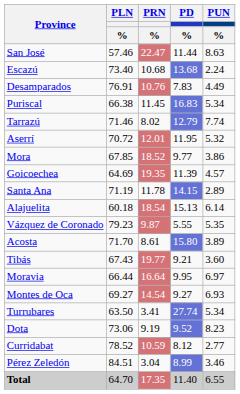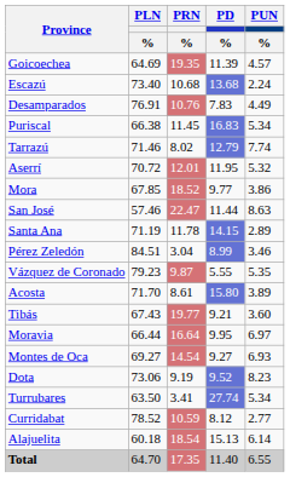 <table class="wikitable mw-collapsible mw-collapsed">
 <tr>
 <th rowspan="3"><a href='#'>Province</a></th>
 <th colspan="1" width="40px"><a href='#'>PLN</a></th>
 <th colspan="1" width="40px"><a href='#'>PRN</a></th>
 <th colspan="1" width="40px"><a href='#'>PD</a></th>
 <th colspan="1" width="40px"><a href='#'>PUN</a></th>
 </tr>
 <tr>
 <th colspan="1" style="background:"></th>
 <th colspan="1" style="background:"></th>
 <th colspan="1" style="background:#2136C2"></th>
 <th colspan="1" style="background:#013d82"></th>
 </tr>
 <tr>
 <th data-sort-type="number">%</th>
 <th data-sort-type="number">%</th>
 <th data-sort-type="number">%</th>
 <th data-sort-type="number">%</th>
 </tr>
 <tr>
-<td align="left"><a href='#'>San José</a></td>
-<td style="background:">57.46</td>
-<td style="background:#d57276; color:white;">22.47</td>
-<td>11.44</td>
-<td>8.63</td>
+<td align="left"><a href='#'>Goicoechea</a></td>
+<td style="background:">64.69</td>
+<td style="background:#d57276; color:white;">19.35</td>
+<td>11.39</td>
+<td>4.57</td>
 </tr>
 <tr>
 <td align="left"><a href='#'>Escazú</a></td>
 <td style="background:">73.40</td>
 <td>10.68</td>
 <td style="background:#6372d4; color:white;">13.68</td>
 <td>2.24</td>
 </tr>
 <tr>
 <td align="left"><a href='#'>Desamparados</a></td>
 <td style="background:">76.91</td>
 <td style="background:#d57276; color:white;">10.76</td>
 <td>7.83</td>
 <td>4.49</td>
 </tr>
 <tr>
 <td align="left"><a href='#'>Puriscal</a></td>
 <td style="background:">66.38</td>
 <td>11.45</td>
 <td style="background:#6372d4; color:white;">16.83</td>
 <td>5.34</td>
 </tr>
 <tr>
 <td align="left"><a href='#'>Tarrazú</a></td>
 <td style="background:">71.46</td>
 <td>8.02</td>
 <td style="background:#6372d4; color:white;">12.79</td>
 <td>7.74</td>
 </tr>
 <tr>
 <td align="left"><a href='#'>Aserrí</a></td>
 <td style="background:">70.72</td>
 <td style="background:#d57276; color:white;">12.01</td>
 <td>11.95</td>
 <td>5.32</td>
 </tr>
 <tr>
 <td align="left"><a href='#'>Mora</a></td>
 <td style="background:">67.85</td>
 <td style="background:#d57276; color:white;">18.52</td>
 <td>9.77</td>
 <td>3.86</td>
 </tr>
 <tr>
-<td align="left"><a href='#'>Goicoechea</a></td>
-<td style="background:">64.69</td>
-<td style="background:#d57276; color:white;">19.35</td>
-<td>11.39</td>
-<td>4.57</td>
+<td align="left"><a href='#'>San José</a></td>
+<td style="background:">57.46</td>
+<td style="background:#d57276; color:white;">22.47</td>
+<td>11.44</td>
+<td>8.63</td>
 </tr>
 <tr>
 <td align="left"><a href='#'>Santa Ana</a></td>
 <td style="background:">71.19</td>
 <td>11.78</td>
 <td style="background:#6372d4; color:white;">14.15</td>
 <td>2.89</td>
 </tr>
 <tr>
-<td align="left"><a href='#'>Alajuelita</a></td>
-<td style="background:">60.18</td>
-<td style="background:#d57276; color:white;">18.54</td>
-<td>15.13</td>
-<td>6.14</td>
+<td align="left"><a href='#'>Pérez Zeledón</a></td>
+<td style="background:">84.51</td>
+<td>3.04</td>
+<td style="background:#6372d4; color:white;">8.99</td>
+<td>3.46</td>
 </tr>
 <tr>
 <td align="left"><a href='#'>Vázquez de Coronado</a></td>
 <td style="background:">79.23</td>
 <td style="background:#d57276; color:white;">9.87</td>
 <td>5.55</td>
 <td>5.35</td>
 </tr>
 <tr>
 <td align="left"><a href='#'>Acosta</a></td>
 <td style="background:">71.70</td>
 <td>8.61</td>
 <td style="background:#6372d4; color:white;">15.80</td>
 <td>3.89</td>
 </tr>
 <tr>
 <td align="left"><a href='#'>Tibás</a></td>
 <td style="background:">67.43</td>
 <td style="background:#d57276; color:white;">19.77</td>
 <td>9.21</td>
 <td>3.60</td>
 </tr>
 <tr>
 <td align="left"><a href='#'>Moravia</a></td>
 <td style="background:">66.44</td>
 <td style="background:#d57276; color:white;">16.64</td>
 <td>9.95</td>
 <td>6.97</td>
 </tr>
 <tr>
 <td align="left"><a href='#'>Montes de Oca</a></td>
 <td style="background:">69.27</td>
 <td style="background:#d57276; color:white;">14.54</td>
 <td>9.27</td>
 <td>6.93</td>
 </tr>
 <tr>
+<td align="left"><a href='#'>Dota</a></td>
+<td style="background:">73.06</td>
+<td>9.19</td>
+<td style="background:#6372d4; color:white;">9.52</td>
+<td>8.23</td>
+</tr>
+<tr>
 <td align="left"><a href='#'>Turrubares</a></td>
 <td style="background:">63.50</td>
 <td>3.41</td>
 <td style="background:#6372d4; color:white;">27.74</td>
 <td>5.34</td>
-</tr>
-<tr>
-<td align="left"><a href='#'>Dota</a></td>
-<td style="background:">73.06</td>
-<td>9.19</td>
-<td style="background:#6372d4; color:white;">9.52</td>
-<td>8.23</td>
 </tr>
 <tr>
 <td align="left"><a href='#'>Curridabat</a></td>
 <td style="background:">78.52</td>
 <td style="background:#d57276; color:white;">10.59</td>
 <td>8.12</td>
 <td>2.77</td>
 </tr>
 <tr>
-<td align="left"><a href='#'>Pérez Zeledón</a></td>
-<td style="background:">84.51</td>
-<td>3.04</td>
-<td style="background:#6372d4; color:white;">8.99</td>
-<td>3.46</td>
+<td align="left"><a href='#'>Alajuelita</a></td>
+<td style="background:">60.18</td>
+<td style="background:#d57276; color:white;">18.54</td>
+<td>15.13</td>
+<td>6.14</td>
 </tr>
 <tr style="background:#CDCDCD;">
 <td align="left"><strong>Total</strong></td>
 <td style="background:">64.70</td>
 <td style="background:#d57276; color:white;">17.35</td>
 <td>11.40</td>
 <td>6.55</td>
 </tr>
 </table>
